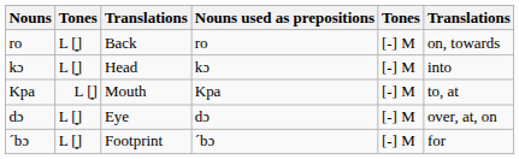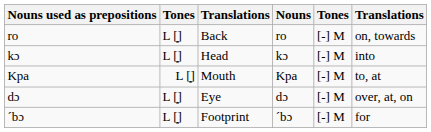 <table class="wikitable">
 <tr>
-<th>Nouns</th>
+<th>Nouns used as prepositions</th>
 <th>Tones</th>
 <th>Translations</th>
-<th>Nouns used as prepositions</th>
+<th>Nouns</th>
 <th>Tones</th>
 <th>Translations</th>
 </tr>
 <tr>
 <td>ro</td>
 <td>L [̗̖]</td>
 <td>Back</td>
 <td>ro</td>
 <td>[-]  M</td>
 <td>on, towards</td>
 </tr>
 <tr>
 <td>kɔ</td>
 <td>L [̗̖]</td>
 <td>Head</td>
 <td>kɔ</td>
 <td>[-]  M</td>
 <td>into</td>
 </tr>
 <tr>
 <td>Kpa</td>
 <td>    L [̗̖]</td>
 <td>Mouth</td>
 <td>Kpa</td>
 <td>[-]  M</td>
 <td>to, at</td>
 </tr>
 <tr>
 <td>dɔ</td>
 <td>L [̗̖]</td>
 <td>Eye</td>
 <td>dɔ</td>
 <td>[-]  M</td>
 <td>over, at, on</td>
 </tr>
 <tr>
 <td>´bɔ</td>
 <td>L [̗̖]</td>
 <td>Footprint</td>
 <td>´bɔ</td>
 <td>[-]  M</td>
 <td>for</td>
 </tr>
 </table>
